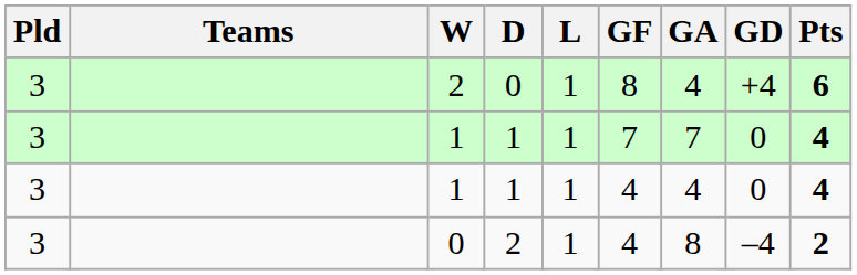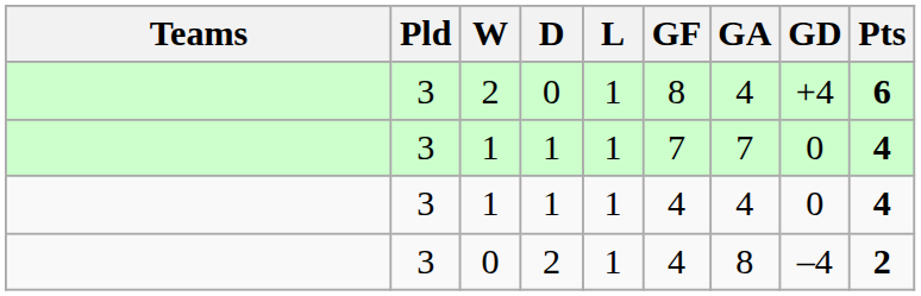 <table class="wikitable" style="text-align: center;">
 <tr>
+<th width=165>Teams</th>
 <th width=20>Pld</th>
-<th width=165>Teams</th>
 <th width=20>W</th>
 <th width=20>D</th>
 <th width=20>L</th>
 <th width=20>GF</th>
 <th width=20>GA</th>
 <th width=20>GD</th>
 <th width=20>Pts</th>
 </tr>
 <tr align=center style="background:#ccffcc;">
+<td style="text-align:left;"></td>
 <td>3</td>
-<td style="text-align:left;"></td>
 <td>2</td>
 <td>0</td>
 <td>1</td>
 <td>8</td>
 <td>4</td>
 <td>+4</td>
 <td><strong>6</strong></td>
 </tr>
 <tr align=center style="background:#ccffcc;">
+<td style="text-align:left;"></td>
 <td>3</td>
-<td style="text-align:left;"></td>
 <td>1</td>
 <td>1</td>
 <td>1</td>
 <td>7</td>
 <td>7</td>
 <td>0</td>
 <td><strong>4</strong></td>
 </tr>
 <tr align=center>
+<td style="text-align:left;"></td>
 <td>3</td>
-<td style="text-align:left;"></td>
 <td>1</td>
 <td>1</td>
 <td>1</td>
 <td>4</td>
 <td>4</td>
 <td>0</td>
 <td><strong>4</strong></td>
 </tr>
 <tr align=center>
+<td style="text-align:left;"></td>
 <td>3</td>
-<td style="text-align:left;"></td>
 <td>0</td>
 <td>2</td>
 <td>1</td>
 <td>4</td>
 <td>8</td>
 <td>–4</td>
 <td><strong>2</strong></td>
 </tr>
 </table>
